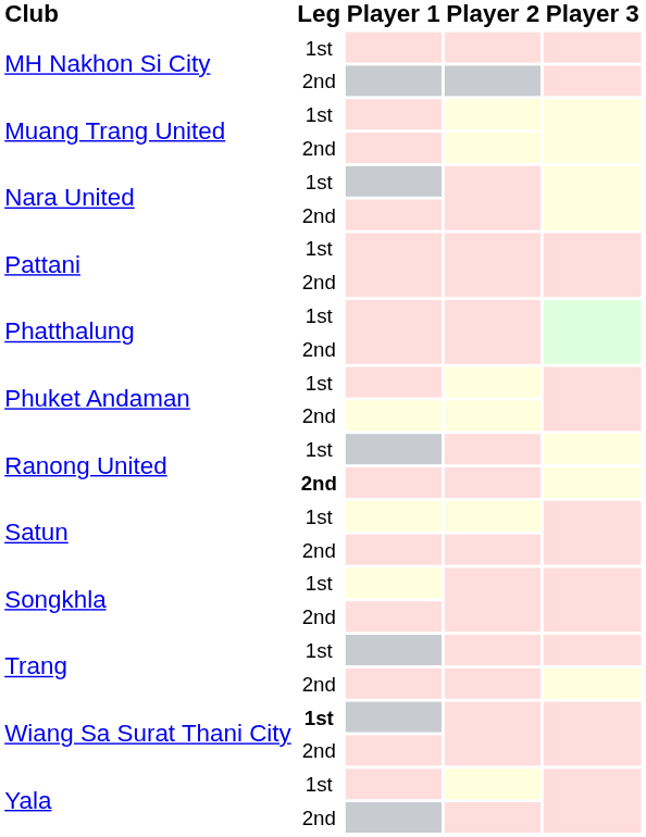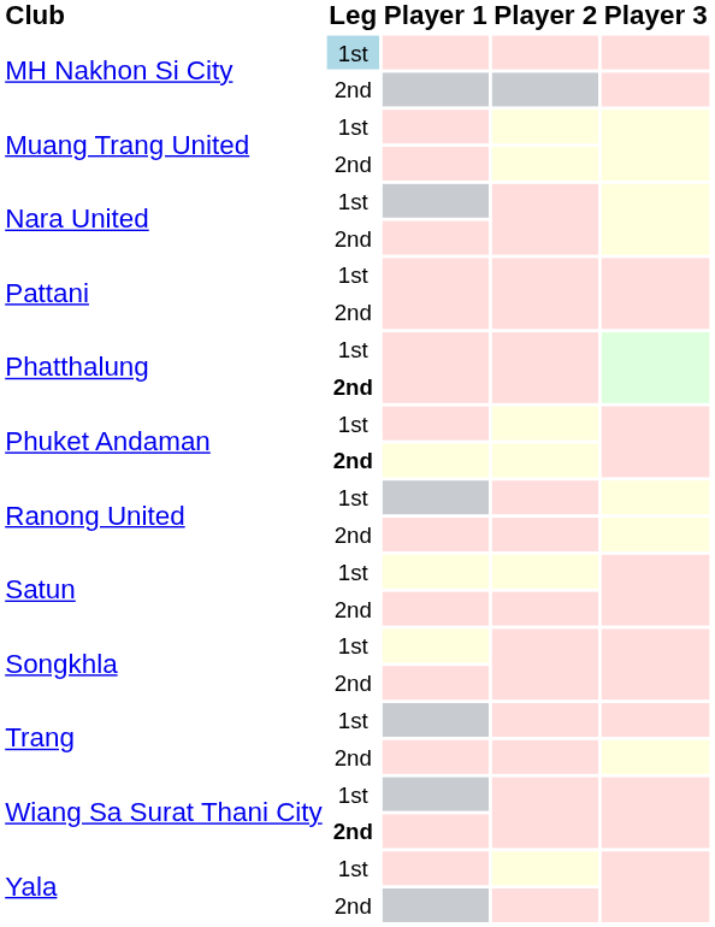 <table class="sortable" style="text-align:left">
 <tr>
 <th>Club</th>
 <th>Leg</th>
 <th>Player 1</th>
 <th>Player 2</th>
 <th>Player 3</th>
 </tr>
 <tr>
 <td rowspan="2"><a href='#'>MH Nakhon Si City</a></td>
-<td align="center"><small>1st</small></td>
+<td align="center" style="background: lightblue;"><small>1st</small></td>
 <td bgcolor="#ffdddd"></td>
 <td bgcolor="#ffdddd"></td>
 <td bgcolor="#ffdddd"></td>
 </tr>
 <tr>
 <td align="center"><small>2nd</small></td>
 <td bgcolor="#c8ccd1"></td>
 <td bgcolor="#c8ccd1"></td>
 <td bgcolor="#ffdddd"></td>
 </tr>
 <tr>
 <td rowspan="2"><a href='#'>Muang Trang United</a></td>
 <td align="center"><small>1st</small></td>
 <td bgcolor="#ffdddd"></td>
 <td bgcolor="#ffffdd"></td>
 <td bgcolor="#ffffdd"rowspan="2"></td>
 </tr>
 <tr>
 <td align="center"><small>2nd</small></td>
 <td bgcolor="#ffdddd"></td>
 <td bgcolor="#ffffdd"></td>
 </tr>
 <tr>
 <td rowspan="2"><a href='#'>Nara United</a></td>
 <td align="center"><small>1st</small></td>
 <td bgcolor="#c8ccd1"></td>
 <td bgcolor="#ffdddd"rowspan="2"></td>
 <td bgcolor="#ffffdd"rowspan="2"></td>
 </tr>
 <tr>
 <td align="center"><small>2nd</small></td>
 <td bgcolor="#ffdddd"></td>
 </tr>
 <tr>
 <td rowspan="2"><a href='#'>Pattani</a></td>
 <td align="center"><small>1st</small></td>
 <td bgcolor="#ffdddd"rowspan="2"></td>
 <td bgcolor="#ffdddd"rowspan="2"></td>
 <td bgcolor="#ffdddd"rowspan="2"></td>
 </tr>
 <tr>
 <td align="center"><small>2nd</small></td>
 </tr>
 <tr>
 <td rowspan="2"><a href='#'>Phatthalung</a></td>
 <td align="center"><small>1st</small></td>
 <td bgcolor="#ffdddd"rowspan="2"></td>
 <td bgcolor="#ffdddd"rowspan="2"></td>
 <td bgcolor="#ddffdd"rowspan="2"></td>
 </tr>
 <tr>
-<td align="center"><small>2nd</small></td>
+<td align="center"><strong><small>2nd</small></strong></td>
 </tr>
 <tr>
 <td rowspan="2"><a href='#'>Phuket Andaman</a></td>
 <td align="center"><small>1st</small></td>
 <td bgcolor="#ffdddd"></td>
 <td bgcolor="#ffffdd"></td>
 <td bgcolor="#ffdddd"rowspan="2"></td>
 </tr>
 <tr>
-<td align="center"><small>2nd</small></td>
+<td align="center"><strong><small>2nd</small></strong></td>
 <td bgcolor="#ffffdd"></td>
 <td bgcolor="#ffffdd"></td>
 </tr>
 <tr>
 <td rowspan="2"><a href='#'>Ranong United</a></td>
 <td align="center"><small>1st</small></td>
 <td bgcolor="#c8ccd1"></td>
 <td bgcolor="#ffdddd"></td>
 <td bgcolor="#ffffdd"></td>
 </tr>
 <tr>
-<td align="center"><strong><small>2nd</small></strong></td>
+<td align="center"><small>2nd</small></td>
 <td bgcolor="#ffdddd"></td>
 <td bgcolor="#ffdddd"></td>
 <td bgcolor="#ffffdd"></td>
 </tr>
 <tr>
 <td rowspan="2"><a href='#'>Satun</a></td>
 <td align="center"><small>1st</small></td>
 <td bgcolor="#ffffdd"></td>
 <td bgcolor="#ffffdd"></td>
 <td bgcolor="#ffdddd"rowspan="2"></td>
 </tr>
 <tr>
 <td align="center"><small>2nd</small></td>
 <td bgcolor="#ffdddd"></td>
 <td bgcolor="#ffdddd"></td>
 </tr>
 <tr>
 <td rowspan="2"><a href='#'>Songkhla</a></td>
 <td align="center"><small>1st</small></td>
 <td bgcolor="#ffffdd"></td>
 <td bgcolor="#ffdddd"rowspan="2"></td>
 <td bgcolor="#ffdddd"rowspan="2"></td>
 </tr>
 <tr>
 <td align="center"><small>2nd</small></td>
 <td bgcolor="#ffdddd"></td>
 </tr>
 <tr>
 <td rowspan="2"><a href='#'>Trang</a></td>
 <td align="center"><small>1st</small></td>
 <td bgcolor="#c8ccd1"></td>
 <td bgcolor="#ffdddd"></td>
 <td bgcolor="#ffdddd"></td>
 </tr>
 <tr>
 <td align="center"><small>2nd</small></td>
 <td bgcolor="#ffdddd"></td>
 <td bgcolor="#ffdddd"></td>
 <td bgcolor="#ffffdd"></td>
 </tr>
 <tr>
 <td rowspan="2"><a href='#'>Wiang Sa Surat Thani City</a></td>
-<td align="center"><strong><small>1st</small></strong></td>
+<td align="center"><small>1st</small></td>
 <td bgcolor="#c8ccd1"></td>
 <td bgcolor="#ffdddd"rowspan="2"></td>
 <td bgcolor="#ffdddd"rowspan="2"></td>
 </tr>
 <tr>
-<td align="center"><small>2nd</small></td>
+<td align="center"><strong><small>2nd</small></strong></td>
 <td bgcolor="#ffdddd"></td>
 </tr>
 <tr>
 <td rowspan="2"><a href='#'>Yala</a></td>
 <td align="center"><small>1st</small></td>
 <td bgcolor="#ffdddd"></td>
 <td bgcolor="#ffffdd"></td>
 <td bgcolor="#ffdddd"rowspan="2"></td>
 </tr>
 <tr>
 <td align="center"><small>2nd</small></td>
 <td bgcolor="#c8ccd1"></td>
 <td bgcolor="#ffdddd"></td>
 </tr>
 </table>
